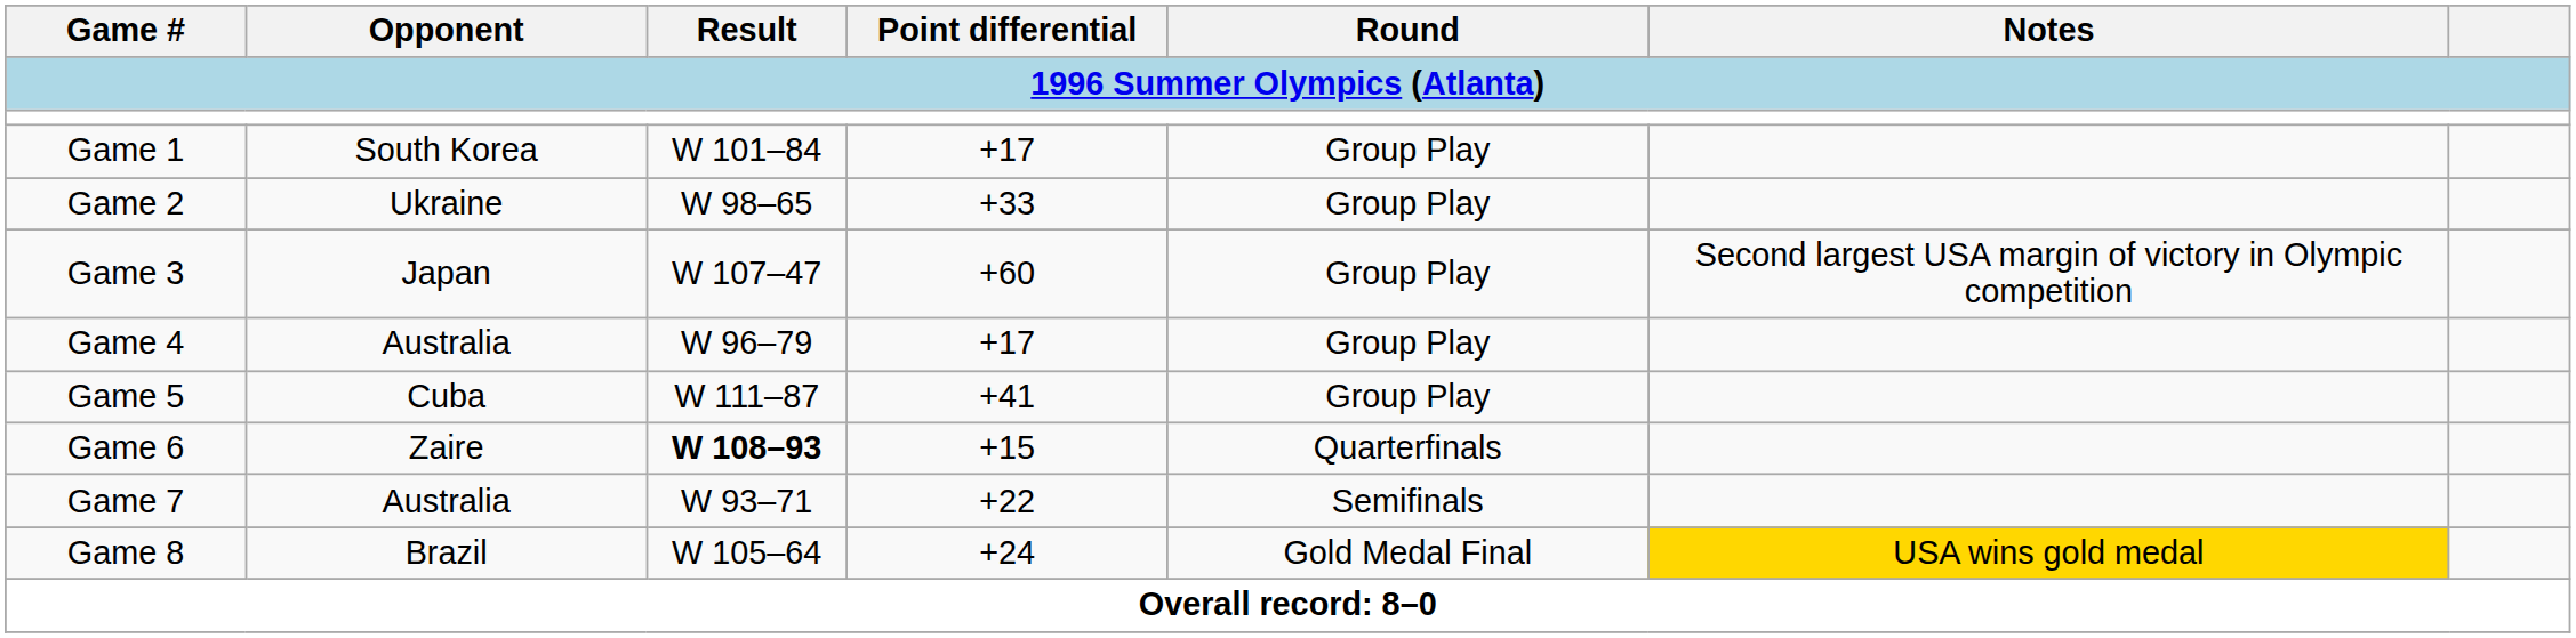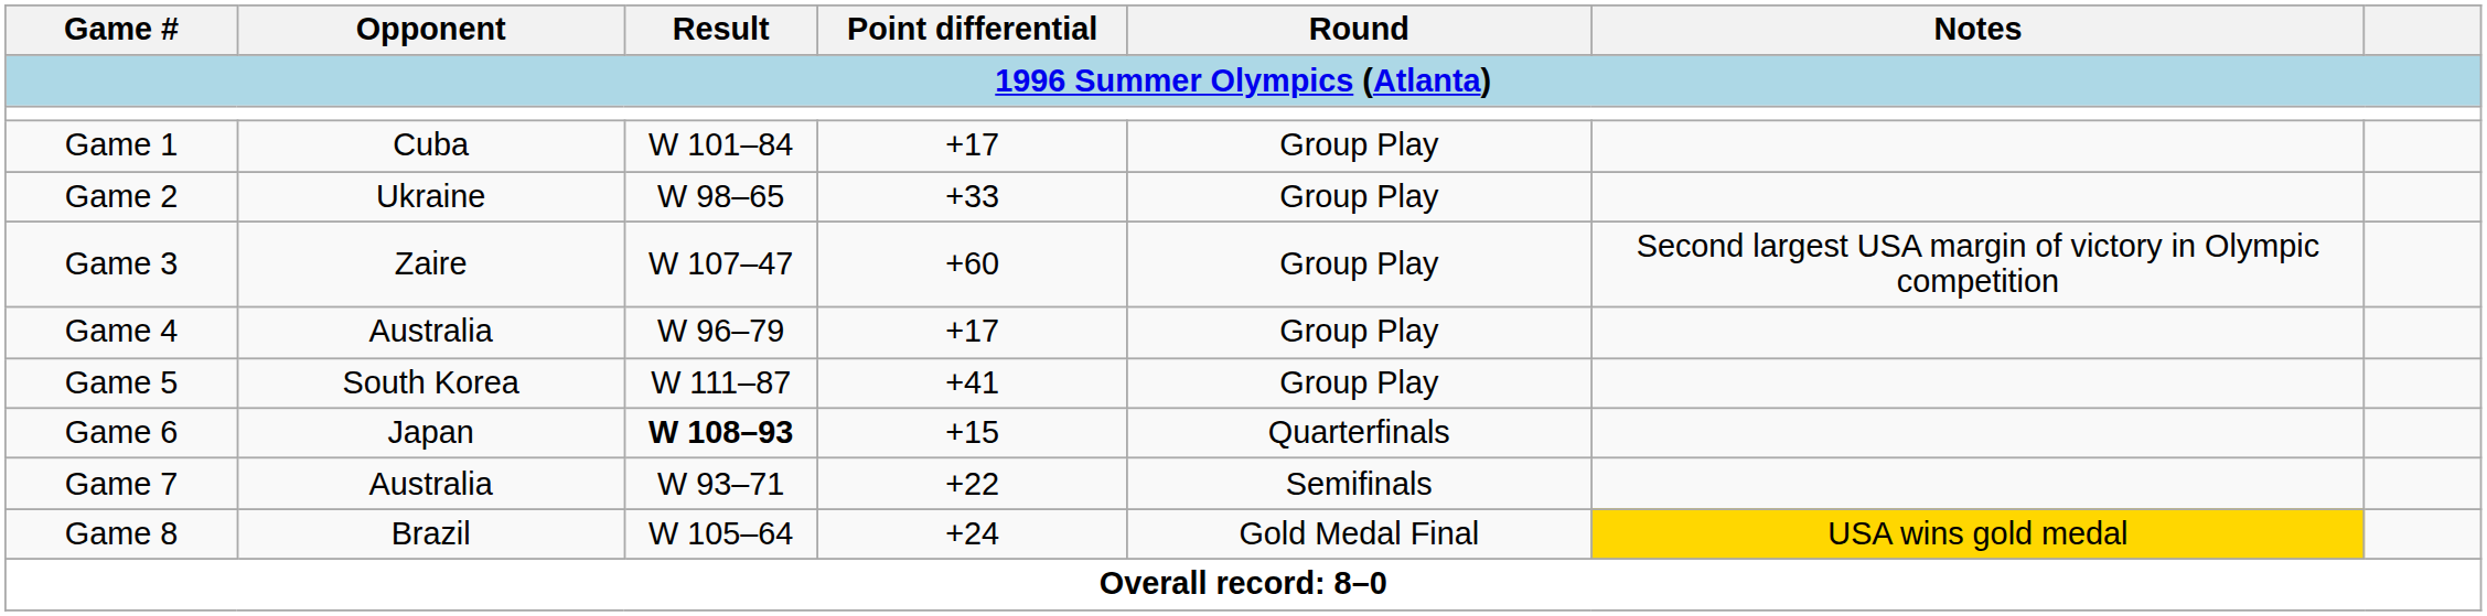 <table class="wikitable">
 <tr>
 <th width=6%>Game #</th>
 <th width=10%>Opponent</th>
 <th width=05%>Result</th>
 <th width=8%>Point differential</th>
 <th width=12%>Round</th>
 <th width=20%>Notes</th>
 <th width=3%></th>
 </tr>
 <tr>
 <td colspan="7"  style="text-align:center; background:lightblue;"><span><strong><a href='#'>1996 Summer Olympics</a> (<a href='#'>Atlanta</a>)</strong></span></td>
 </tr>
 <tr>
 <td colspan="7"  style="text-align:center; background:white;"></td>
 </tr>
 <tr>
 <td align=center>Game 1</td>
-<td align=center>South Korea</td>
+<td align=center>Cuba</td>
 <td align=center>W 101–84</td>
 <td align=center>+17</td>
 <td align=center>Group Play</td>
 <td align=center></td>
 <td align=center></td>
 </tr>
 <tr>
 <td align=center>Game 2</td>
 <td align=center>Ukraine</td>
 <td align=center>W 98–65</td>
 <td align=center>+33</td>
 <td align=center>Group Play</td>
 <td align=center></td>
 <td align=center></td>
 </tr>
 <tr>
 <td align=center>Game 3</td>
-<td align=center>Japan</td>
+<td align=center>Zaire</td>
 <td align=center>W 107–47</td>
 <td align=center>+60</td>
 <td align=center>Group Play</td>
 <td align=center>Second largest USA margin of victory in Olympic competition</td>
 <td align=center></td>
 </tr>
 <tr>
 <td align=center>Game 4</td>
 <td align=center>Australia</td>
 <td align=center>W 96–79</td>
 <td align=center>+17</td>
 <td align=center>Group Play</td>
 <td align=center></td>
 <td align=center></td>
 </tr>
 <tr>
 <td align=center>Game 5</td>
-<td align=center>Cuba</td>
+<td align=center>South Korea</td>
 <td align=center>W 111–87</td>
 <td align=center>+41</td>
 <td align=center>Group Play</td>
 <td align=center></td>
 <td align=center></td>
 </tr>
 <tr>
 <td align=center>Game 6</td>
-<td align=center>Zaire</td>
+<td align=center>Japan</td>
 <td align=center><strong>W 108–93</strong></td>
 <td align=center>+15</td>
 <td align=center>Quarterfinals</td>
 <td align=center></td>
 <td align=center></td>
 </tr>
 <tr>
 <td align=center>Game 7</td>
 <td align=center>Australia</td>
 <td align=center>W 93–71</td>
 <td align=center>+22</td>
 <td align=center>Semifinals</td>
 <td align=center></td>
 <td align=center></td>
 </tr>
 <tr>
 <td align=center>Game 8</td>
 <td align=center>Brazil</td>
 <td align=center>W 105–64</td>
 <td align=center>+24</td>
 <td align=center>Gold Medal Final</td>
 <td style="text-align:center; background:gold;">USA wins gold medal</td>
 <td align=center></td>
 </tr>
 <tr>
 <td colspan="7"  style="text-align:center; background:white;"><span><strong>Overall record: 8–0</strong></span></td>
 </tr>
 </table>
